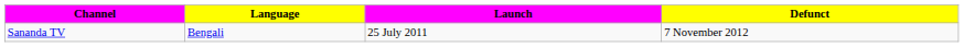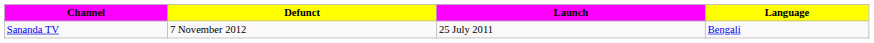 <table class="wikitable" style="text-align:middle;">
 <tr>
 <th style="width:180pt; background:Magenta;">Channel</th>
+<th style="width:300pt; background:Yellow;">Defunct</th>
+<th style="width:300pt; background:Magenta;">Launch</th>
 <th style="width:180pt; background:Yellow;">Language</th>
-<th style="width:300pt; background:Magenta;">Launch</th>
-<th style="width:300pt; background:Yellow;">Defunct</th>
 </tr>
 <tr>
 <td><a href='#'>Sananda TV</a></td>
+<td>7 November 2012</td>
+<td>25 July 2011</td>
 <td><a href='#'>Bengali</a></td>
-<td>25 July 2011</td>
-<td>7 November 2012</td>
 </tr>
 </table>
